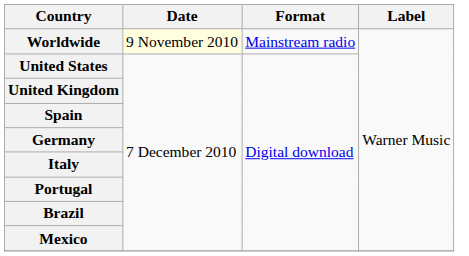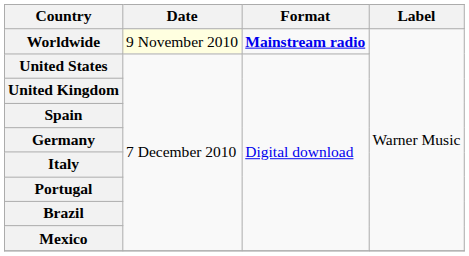 <table class="wikitable plainrowheaders">
 <tr>
 <th scope="col">Country</th>
 <th scope="col">Date</th>
 <th scope="col">Format</th>
 <th scope="col">Label</th>
 </tr>
 <tr>
 <th scope="row">Worldwide</th>
 <td rowspan="" style="background: lightyellow;">9 November 2010</td>
-<td rowspan=""><a href='#'>Mainstream radio</a></td>
+<td rowspan=""><strong><a href='#'>Mainstream radio</a></strong></td>
 <td rowspan="9">Warner Music</td>
 </tr>
 <tr>
 <th scope="row">United States</th>
 <td rowspan="8">7 December 2010</td>
 <td rowspan="8"><a href='#'>Digital download</a></td>
 </tr>
 <tr>
 <th scope="row">United Kingdom</th>
 </tr>
 <tr>
 <th scope="row">Spain</th>
 </tr>
 <tr>
 <th scope="row">Germany</th>
 </tr>
 <tr>
 <th scope="row">Italy</th>
 </tr>
 <tr>
 <th scope="row">Portugal</th>
 </tr>
 <tr>
 <th scope="row">Brazil</th>
 </tr>
 <tr>
 <th scope="row">Mexico</th>
 </tr>
 <tr>
 </tr>
 </table>
